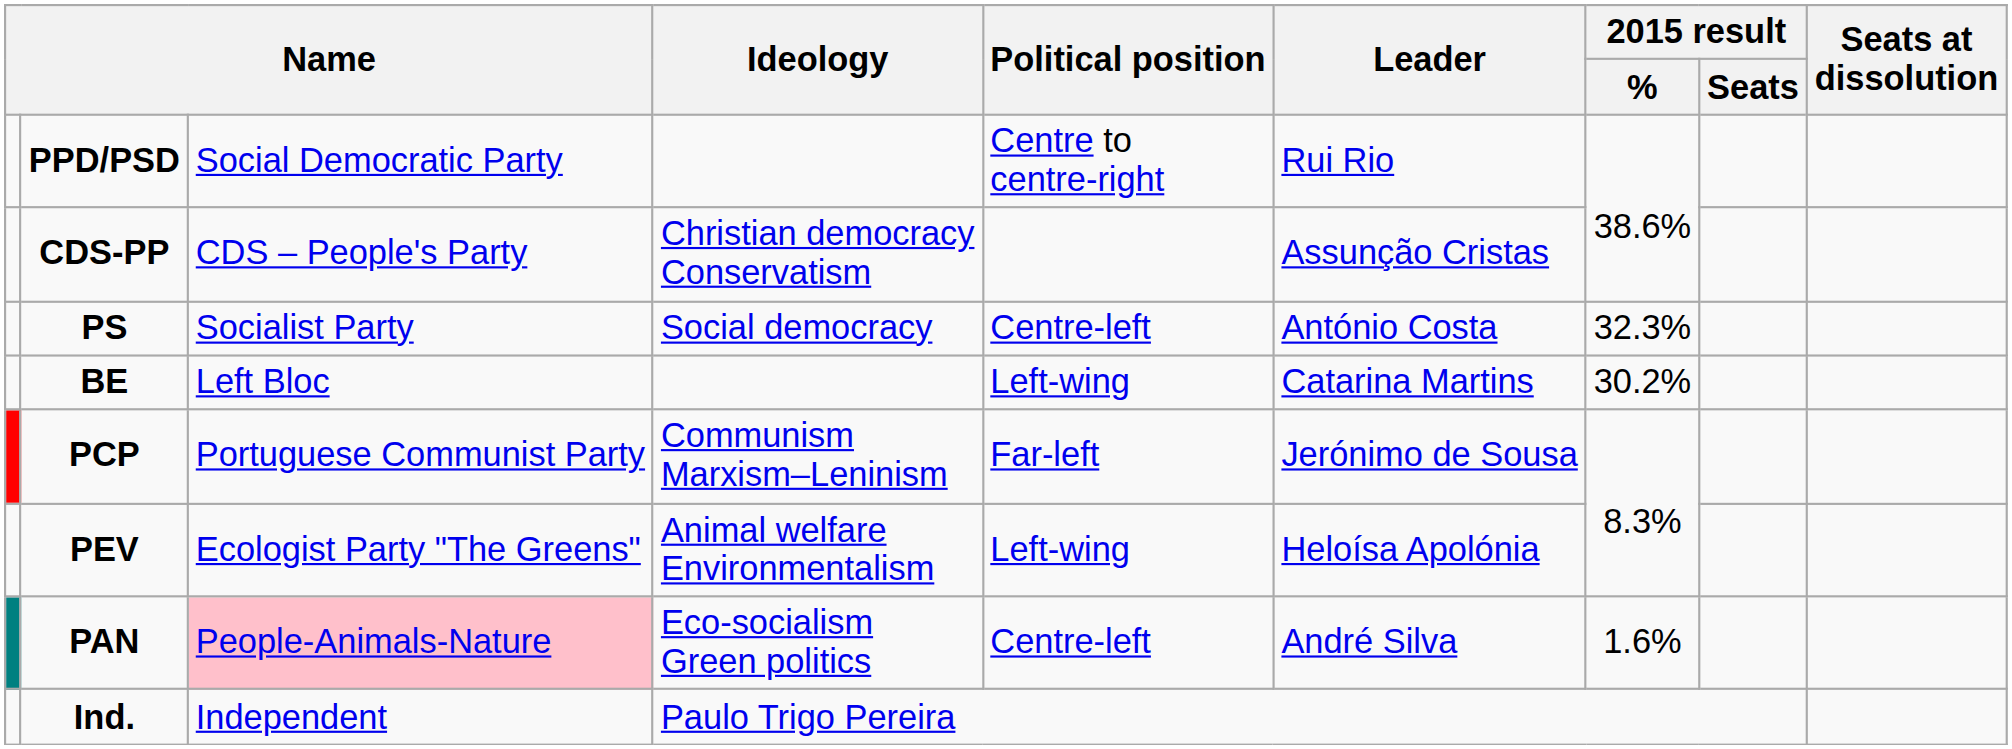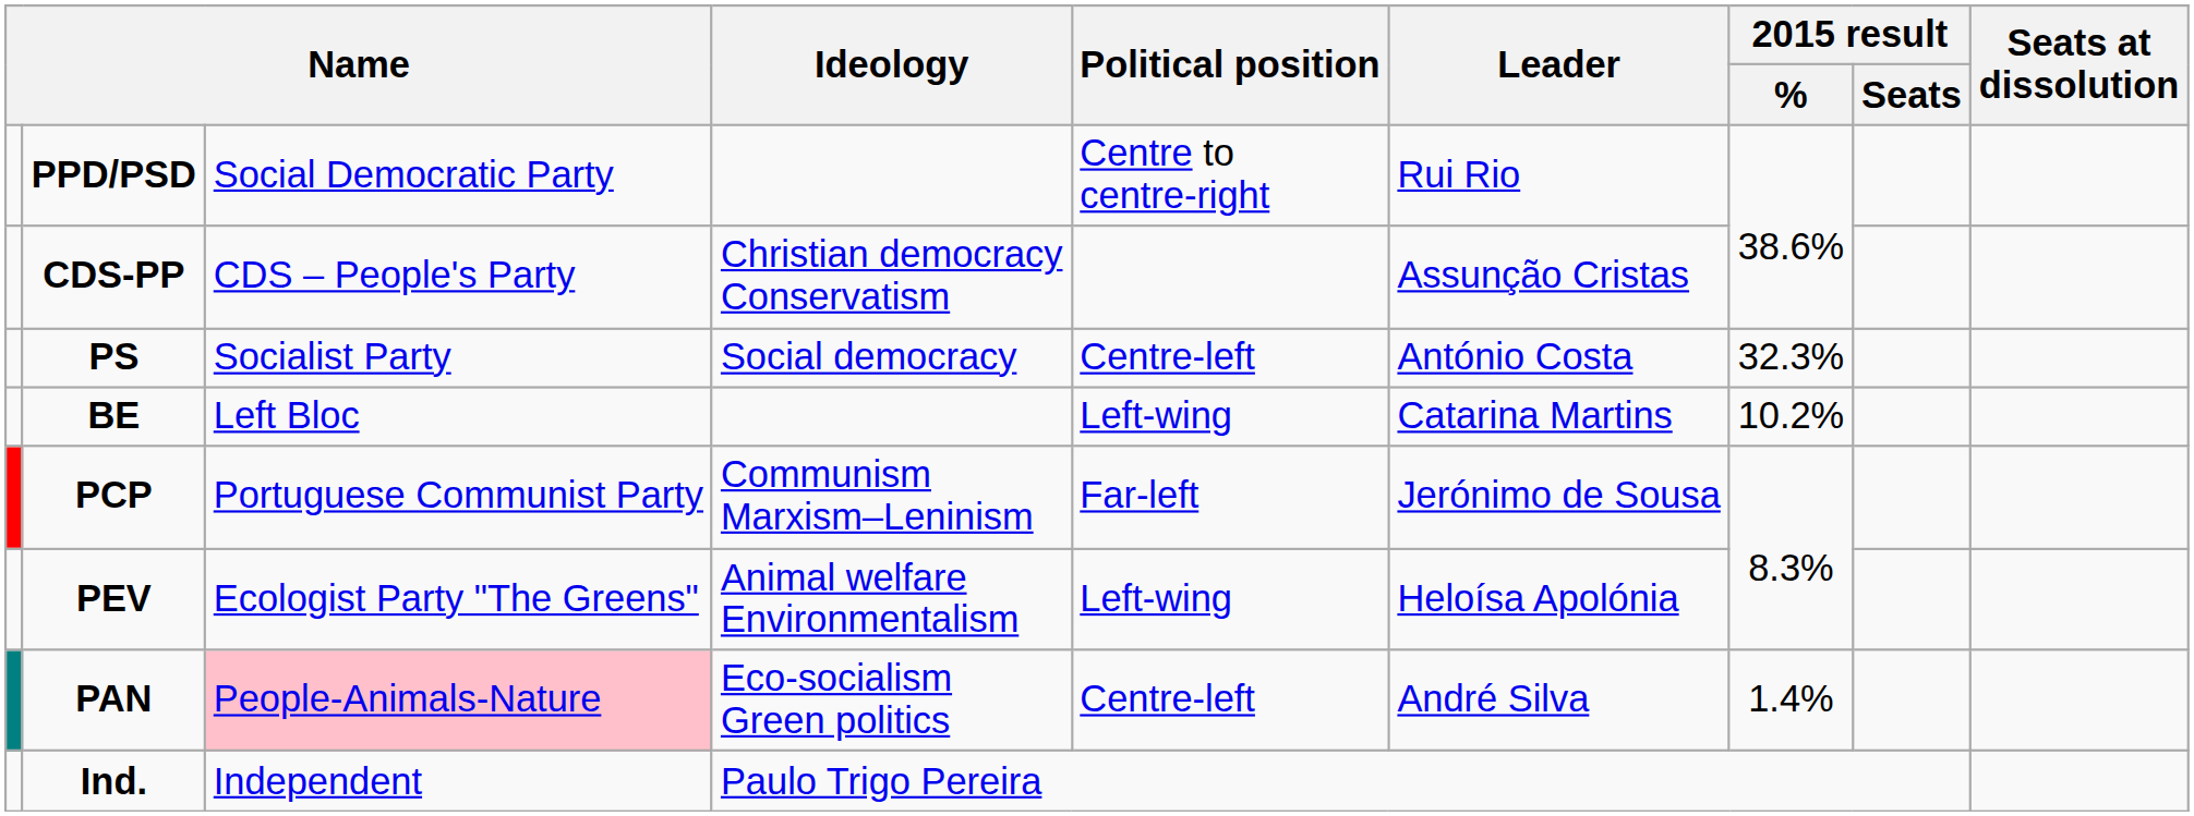 <table class="wikitable">
 <tr>
 <th rowspan="2" colspan="3">Name</th>
 <th rowspan="2">Ideology</th>
 <th rowspan="2">Political position</th>
 <th rowspan="2">Leader</th>
 <th colspan="2">2015 result</th>
 <th rowspan="2">Seats at<br>dissolution</th>
 </tr>
 <tr>
 <th>%</th>
 <th>Seats</th>
 </tr>
 <tr>
 <td style="background:"></td>
 <td style="text-align:center;"><strong>PPD/PSD</strong></td>
 <td><a href='#'>Social Democratic Party</a><br></td>
 <td></td>
 <td><a href='#'>Centre</a> to<br><a href='#'>centre-right</a></td>
 <td><a href='#'>Rui Rio</a></td>
 <td rowspan="2" style="text-align:center;"><br>38.6%<br></td>
 <td></td>
 <td></td>
 </tr>
 <tr>
 <td style="background:"></td>
 <td style="text-align:center;"><strong>CDS-PP</strong></td>
 <td><a href='#'>CDS – People's Party</a><br></td>
 <td><a href='#'>Christian democracy</a><br><a href='#'>Conservatism</a></td>
 <td></td>
 <td><a href='#'>Assunção Cristas</a></td>
 <td></td>
 <td></td>
 </tr>
 <tr>
 <td style="background:"></td>
 <td style="text-align:center;"><strong>PS</strong></td>
 <td><a href='#'>Socialist Party</a><br></td>
 <td><a href='#'>Social democracy</a></td>
 <td><a href='#'>Centre-left</a></td>
 <td><a href='#'>António Costa</a></td>
 <td style="text-align:center;">32.3%</td>
 <td></td>
 <td></td>
 </tr>
 <tr>
 <td style="background:"></td>
 <td style="text-align:center;"><strong>BE</strong></td>
 <td><a href='#'>Left Bloc</a><br></td>
 <td></td>
 <td><a href='#'>Left-wing</a></td>
 <td><a href='#'>Catarina Martins</a></td>
-<td style="text-align:center;">30.2%</td>
+<td style="text-align:center;">10.2%</td>
 <td></td>
 <td></td>
 </tr>
 <tr>
 <td style="background:#f00;"></td>
 <td style="text-align:center;"><strong>PCP</strong></td>
 <td><a href='#'>Portuguese Communist Party</a><br></td>
 <td><a href='#'>Communism</a><br><a href='#'>Marxism–Leninism</a></td>
 <td><a href='#'>Far-left</a></td>
 <td><a href='#'>Jerónimo de Sousa</a></td>
 <td rowspan="2" style="text-align:center;"><br>8.3%<br></td>
 <td></td>
 <td></td>
 </tr>
 <tr>
 <td style="background:"></td>
 <td style="text-align:center;"><strong>PEV</strong></td>
 <td><a href='#'>Ecologist Party "The Greens"</a><br></td>
 <td><a href='#'>Animal welfare</a><br><a href='#'>Environmentalism</a></td>
 <td><a href='#'>Left-wing</a></td>
 <td><a href='#'>Heloísa Apolónia</a></td>
 <td></td>
 <td></td>
 </tr>
 <tr>
 <td style="background:teal;"></td>
 <td style="text-align:center;"><strong>PAN</strong></td>
 <td style="background: pink;"><a href='#'>People-Animals-Nature</a><br></td>
 <td><a href='#'>Eco-socialism</a><br><a href='#'>Green politics</a></td>
 <td><a href='#'>Centre-left</a></td>
 <td><a href='#'>André Silva</a></td>
-<td style="text-align:center;">1.6%</td>
+<td style="text-align:center;">1.4%</td>
 <td></td>
 <td></td>
 </tr>
 <tr>
 <td style="background:"></td>
 <td style="text-align:center;"><strong>Ind.</strong></td>
 <td><a href='#'>Independent</a><br></td>
 <td colspan="5"><a href='#'>Paulo Trigo Pereira</a> </td>
 <td></td>
 </tr>
 </table>
